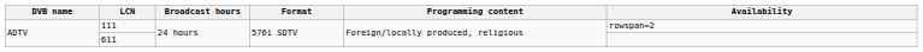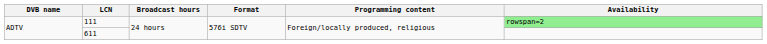 <table class="wikitable" style="font-size:90%; width:100%;">
 <tr>
 <th width="10%">DVB name</th>
 <th width="6%">LCN</th>
 <th width="10%">Broadcast hours</th>
 <th width="10%">Format</th>
 <th width="28%">Programming content</th>
 <th width="33%">Availability</th>
 </tr>
 <tr>
 <td rowspan=2>ADTV</td>
 <td>111</td>
 <td rowspan=2>24 hours</td>
 <td rowspan=2>576i SDTV</td>
 <td rowspan=2>Foreign/locally produced, religious</td>
-<td>rowspan=2 </td>
+<td style="background: lightgreen;">rowspan=2 </td>
 </tr>
 <tr>
 <td>611</td>
 </tr>
 </table>
